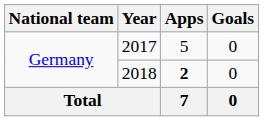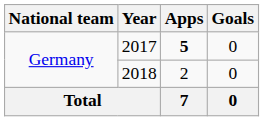 <table class="wikitable" style="text-align:center">
 <tr>
 <th>National team</th>
 <th>Year</th>
 <th>Apps</th>
 <th>Goals</th>
 </tr>
 <tr>
 <td rowspan="2"><a href='#'>Germany</a></td>
 <td>2017</td>
-<td>5</td>
+<td><strong>5</strong></td>
 <td>0</td>
 </tr>
 <tr>
 <td>2018</td>
-<td><strong>2</strong></td>
+<td>2</td>
 <td>0</td>
 </tr>
 <tr>
 <th colspan="2">Total</th>
 <th>7</th>
 <th>0</th>
 </tr>
 </table>
